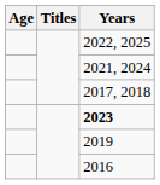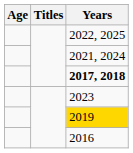 <table class="wikitable sortable" style="font-size: 95%;">
 <tr>
 <th>Age</th>
 <th>Titles</th>
 <th>Years</th>
 </tr>
 <tr>
 <td></td>
 <td rowspan="3"></td>
 <td>2022, 2025</td>
 </tr>
 <tr>
 <td></td>
 <td>2021, 2024</td>
 </tr>
 <tr>
 <td></td>
-<td>2017, 2018</td>
+<td><strong>2017, 2018</strong></td>
 </tr>
 <tr>
 <td></td>
 <td rowspan="3"></td>
-<td><strong>2023</strong></td>
+<td>2023</td>
 </tr>
 <tr>
 <td></td>
-<td>2019</td>
+<td style="background: gold;">2019</td>
 </tr>
 <tr>
 <td></td>
 <td>2016</td>
 </tr>
 </table>
